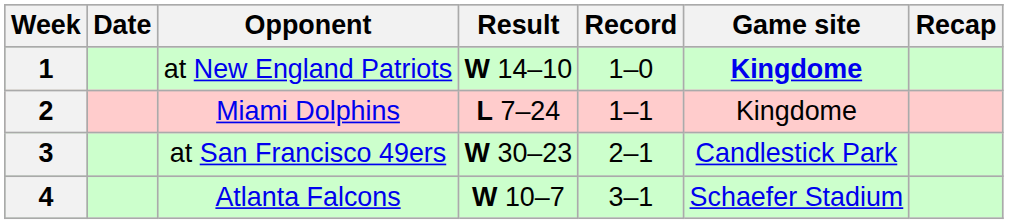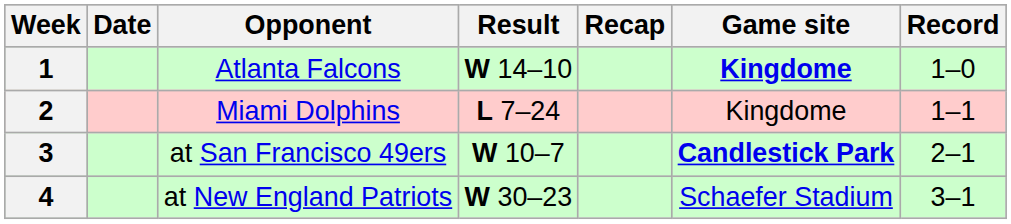 <table class="wikitable" style="text-align:center">
 <tr>
 <th>Week</th>
 <th>Date</th>
 <th>Opponent</th>
 <th>Result</th>
+<th>Recap</th>
+<th>Game site</th>
 <th>Record</th>
-<th>Game site</th>
-<th>Recap</th>
 </tr>
 <tr style="background:#cfc">
 <th>1</th>
 <td></td>
-<td>at <a href='#'>New England Patriots</a></td>
+<td><a href='#'>Atlanta Falcons</a></td>
 <td><strong>W</strong> 14–10</td>
+<td></td>
+<td><strong><a href='#'>Kingdome</a></strong></td>
 <td>1–0</td>
-<td><strong><a href='#'>Kingdome</a></strong></td>
-<td></td>
 </tr>
 <tr style="background:#fcc">
 <th>2</th>
 <td></td>
 <td><a href='#'>Miami Dolphins</a></td>
 <td><strong>L</strong> 7–24</td>
+<td></td>
+<td>Kingdome</td>
 <td>1–1</td>
-<td>Kingdome</td>
-<td></td>
 </tr>
 <tr style="background:#cfc">
 <th>3</th>
 <td></td>
 <td>at <a href='#'>San Francisco 49ers</a></td>
-<td><strong>W</strong> 30–23</td>
+<td><strong>W</strong> 10–7</td>
+<td></td>
+<td><strong><a href='#'>Candlestick Park</a></strong></td>
 <td>2–1</td>
-<td><a href='#'>Candlestick Park</a></td>
-<td></td>
 </tr>
 <tr style="background:#cfc">
 <th>4</th>
 <td></td>
-<td><a href='#'>Atlanta Falcons</a></td>
-<td><strong>W</strong> 10–7</td>
+<td>at <a href='#'>New England Patriots</a></td>
+<td><strong>W</strong> 30–23</td>
+<td></td>
+<td><a href='#'>Schaefer Stadium</a></td>
 <td>3–1</td>
-<td><a href='#'>Schaefer Stadium</a></td>
-<td></td>
 </tr>
 </table>
